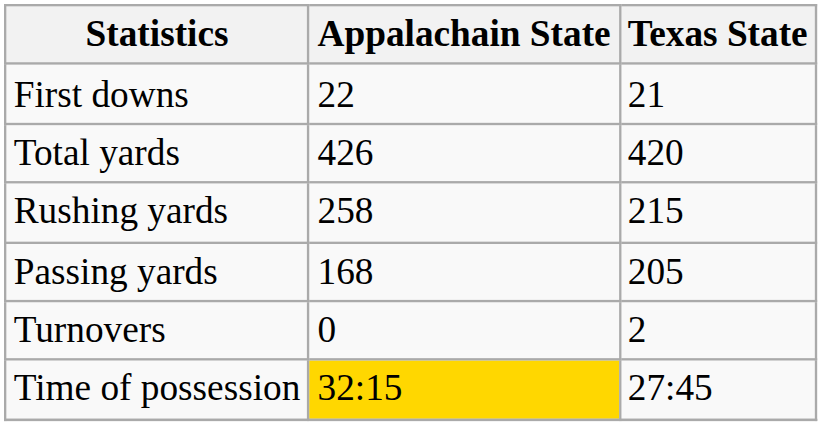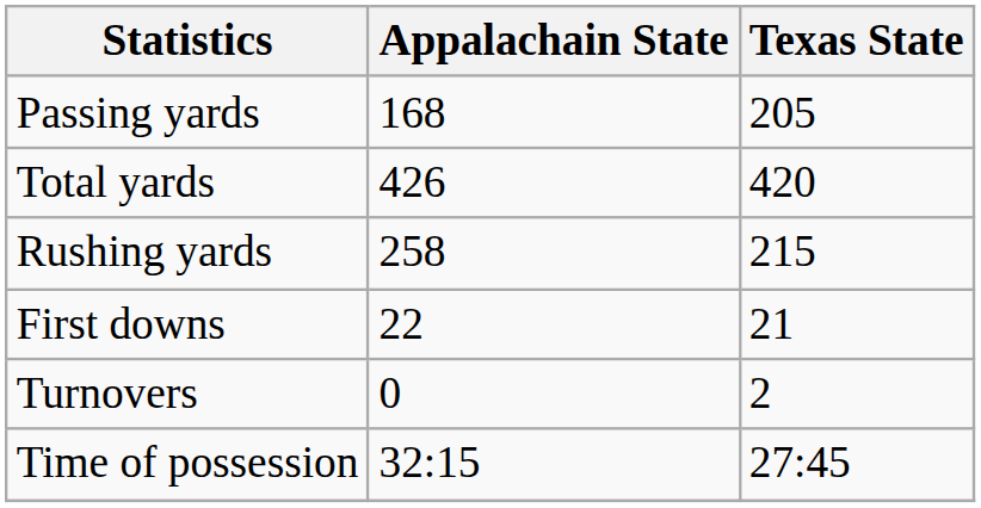 <table class="wikitable">
 <tr>
 <th>Statistics</th>
 <th>Appalachain State</th>
 <th>Texas State</th>
 </tr>
 <tr>
-<td>First downs</td>
-<td>22</td>
-<td>21</td>
+<td>Passing yards</td>
+<td>168</td>
+<td>205</td>
 </tr>
 <tr>
 <td>Total yards</td>
 <td>426</td>
 <td>420</td>
 </tr>
 <tr>
 <td>Rushing yards</td>
 <td>258</td>
 <td>215</td>
 </tr>
 <tr>
-<td>Passing yards</td>
-<td>168</td>
-<td>205</td>
+<td>First downs</td>
+<td>22</td>
+<td>21</td>
 </tr>
 <tr>
 <td>Turnovers</td>
 <td>0</td>
 <td>2</td>
 </tr>
 <tr>
 <td>Time of possession</td>
-<td style="background: gold;">32:15</td>
+<td>32:15</td>
 <td>27:45</td>
 </tr>
 <tr>
 </tr>
 </table>
